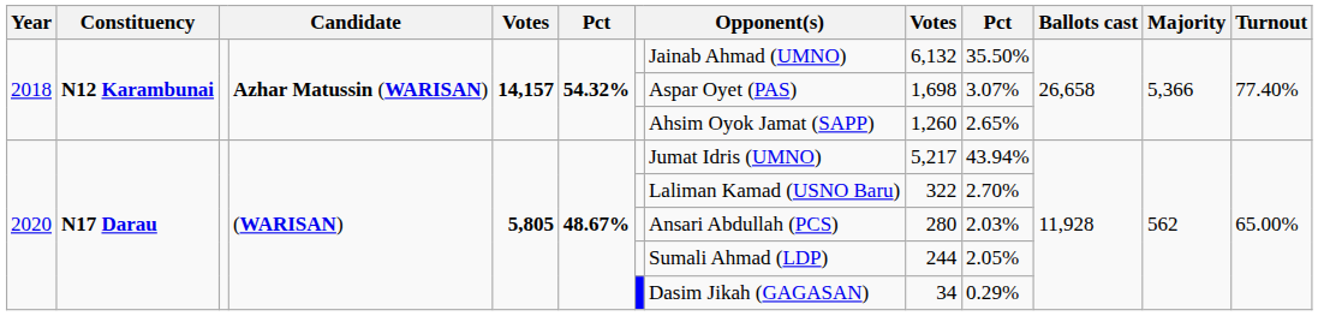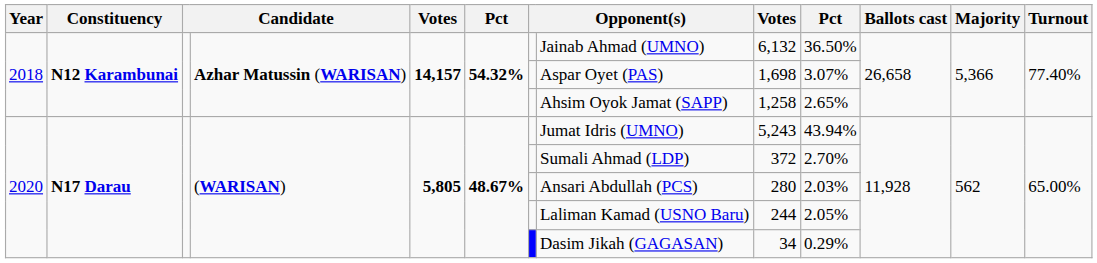 <table class="wikitable" style="margin:0.5em ; font-size:95%">
 <tr>
 <th>Year</th>
 <th>Constituency</th>
 <th colspan=2>Candidate</th>
 <th>Votes</th>
 <th>Pct</th>
 <th colspan=2>Opponent(s)</th>
 <th>Votes</th>
 <th>Pct</th>
 <th>Ballots cast</th>
 <th>Majority</th>
 <th>Turnout</th>
 </tr>
 <tr>
 <td rowspan=3><a href='#'>2018</a></td>
 <td rowspan=3><strong>N12 <a href='#'>Karambunai</a></strong></td>
 <td rowspan=3 ></td>
 <td rowspan=3><strong>Azhar Matussin</strong> (<a href='#'><strong>WARISAN</strong></a>)</td>
 <td rowspan=3 align="right"><strong>14,157</strong></td>
 <td rowspan=3><strong>54.32%</strong></td>
 <td></td>
 <td>Jainab Ahmad (<a href='#'>UMNO</a>)</td>
 <td align="right">6,132</td>
-<td>35.50%</td>
+<td>36.50%</td>
 <td rowspan=3>26,658</td>
 <td rowspan=3>5,366</td>
 <td rowspan=3>77.40%</td>
 </tr>
 <tr>
 <td></td>
 <td>Aspar Oyet (<a href='#'>PAS</a>)</td>
 <td align="right">1,698</td>
 <td>3.07%</td>
 </tr>
 <tr>
 <td></td>
 <td>Ahsim Oyok Jamat (<a href='#'>SAPP</a>)</td>
-<td align="right">1,260</td>
+<td align="right">1,258</td>
 <td>2.65%</td>
 </tr>
 <tr>
 <td rowspan=5><a href='#'>2020</a></td>
 <td rowspan=5><strong>N17 <a href='#'>Darau</a></strong></td>
 <td rowspan=5 ></td>
 <td rowspan=5> (<a href='#'><strong>WARISAN</strong></a>)</td>
 <td rowspan=5 align="right"><strong>5,805</strong></td>
 <td rowspan=5><strong>48.67%</strong></td>
 <td></td>
 <td>Jumat Idris (<a href='#'>UMNO</a>)</td>
-<td align="right">5,217</td>
+<td align="right">5,243</td>
 <td>43.94%</td>
 <td rowspan=5>11,928</td>
 <td rowspan=5>562</td>
 <td rowspan=5>65.00%</td>
 </tr>
 <tr>
 <td></td>
-<td>Laliman Kamad (<a href='#'>USNO Baru</a>)</td>
-<td align="right">322</td>
+<td>Sumali Ahmad (<a href='#'>LDP</a>)</td>
+<td align="right">372</td>
 <td>2.70%</td>
 </tr>
 <tr>
 <td></td>
 <td>Ansari Abdullah (<a href='#'>PCS</a>)</td>
 <td align="right">280</td>
 <td>2.03%</td>
 </tr>
 <tr>
 <td bgcolor=></td>
-<td>Sumali Ahmad (<a href='#'>LDP</a>)</td>
+<td>Laliman Kamad (<a href='#'>USNO Baru</a>)</td>
 <td align="right">244</td>
 <td>2.05%</td>
 </tr>
 <tr>
 <td bgcolor=blue></td>
 <td>Dasim Jikah (<a href='#'>GAGASAN</a>)</td>
 <td align="right">34</td>
 <td>0.29%</td>
 </tr>
 </table>
